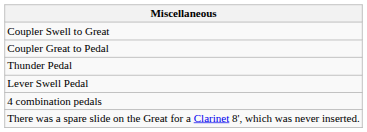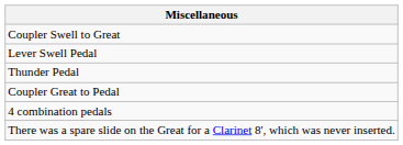 <table class="wikitable" align="left" style="margin: 5px;">
 <tr>
 <th>Miscellaneous</th>
 </tr>
 <tr>
 <td>Coupler Swell to Great</td>
 </tr>
 <tr>
-<td>Coupler Great to Pedal</td>
+<td>Lever Swell Pedal</td>
 </tr>
 <tr>
 <td>Thunder Pedal</td>
 </tr>
 <tr>
-<td>Lever Swell Pedal</td>
+<td>Coupler Great to Pedal</td>
 </tr>
 <tr>
 <td>4 combination pedals</td>
 </tr>
 <tr>
 <td>There was a spare slide on the Great for a <a href='#'>Clarinet</a> 8', which was never inserted.</td>
 </tr>
 </table>
